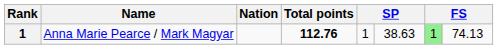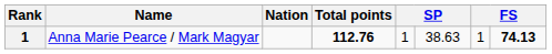 <table class="wikitable sortable">
 <tr>
 <th>Rank</th>
 <th>Name</th>
 <th>Nation</th>
 <th>Total points</th>
 <th colspan=2 width=80px><a href='#'>SP</a></th>
 <th colspan=2 width=80px><a href='#'>FS</a></th>
 </tr>
 <tr>
 <th>1</th>
 <td><a href='#'>Anna Marie Pearce</a> / <a href='#'>Mark Magyar</a></td>
 <td></td>
 <td align=center><strong>112.76</strong></td>
 <td align=center>1</td>
 <td align=center>38.63</td>
-<td align=center style="background: lightgreen;">1</td>
-<td align=center>74.13</td>
+<td align=center>1</td>
+<td align=center><strong>74.13</strong></td>
 </tr>
 </table>
